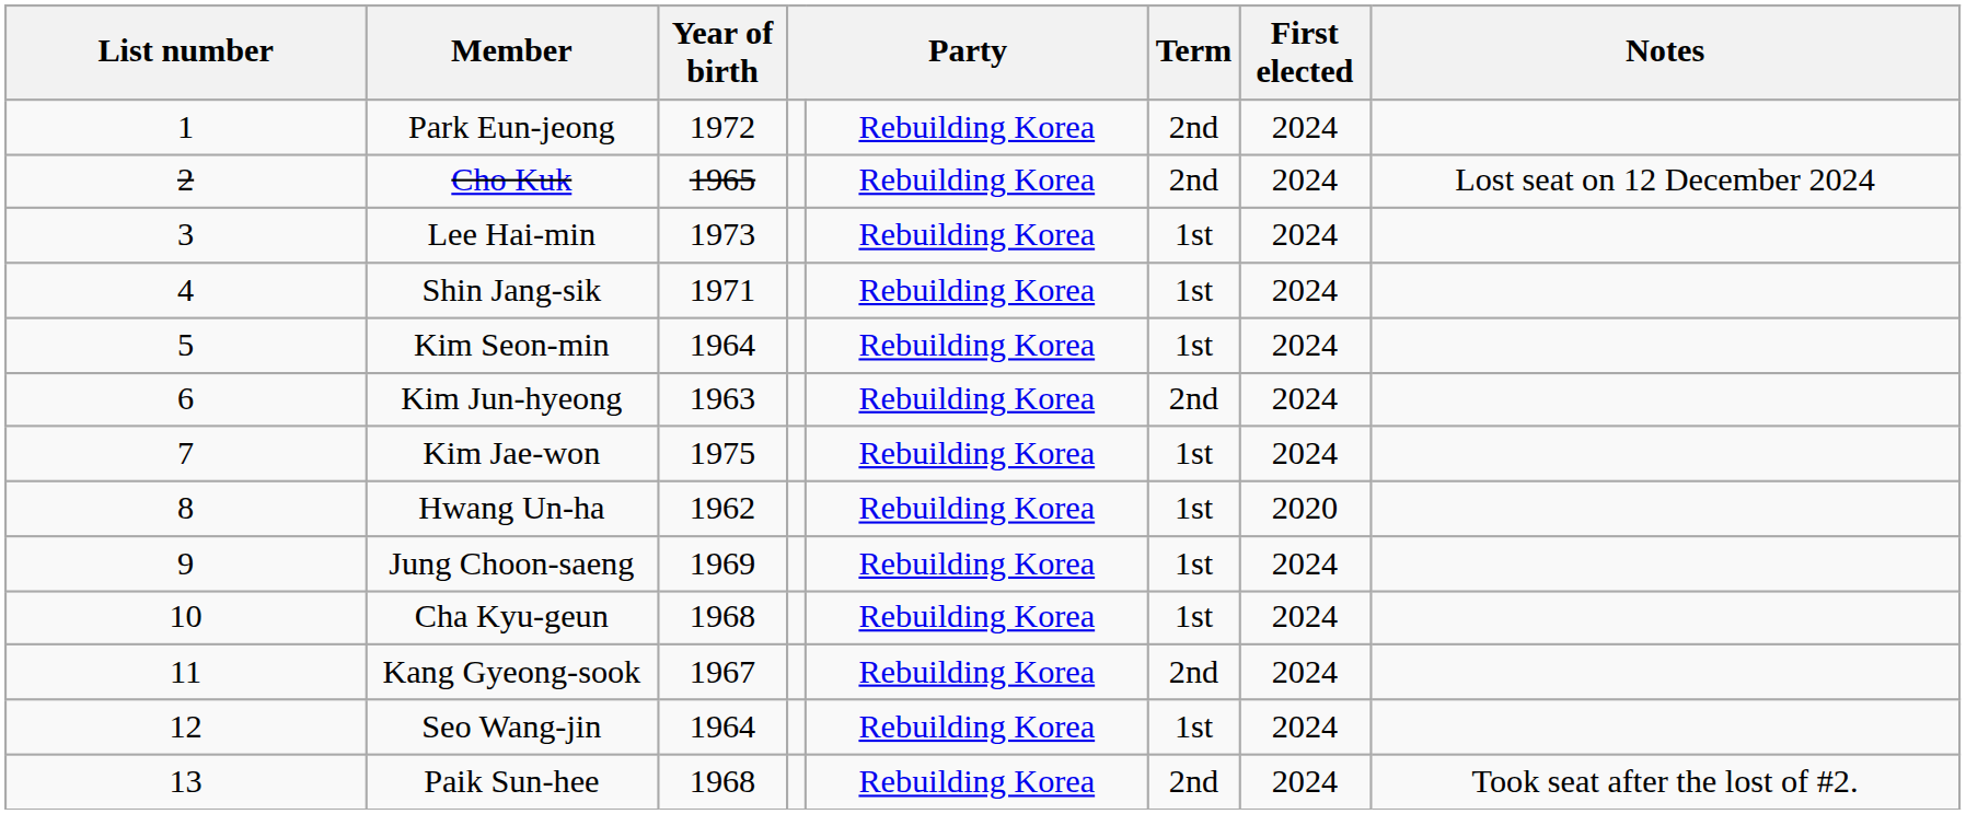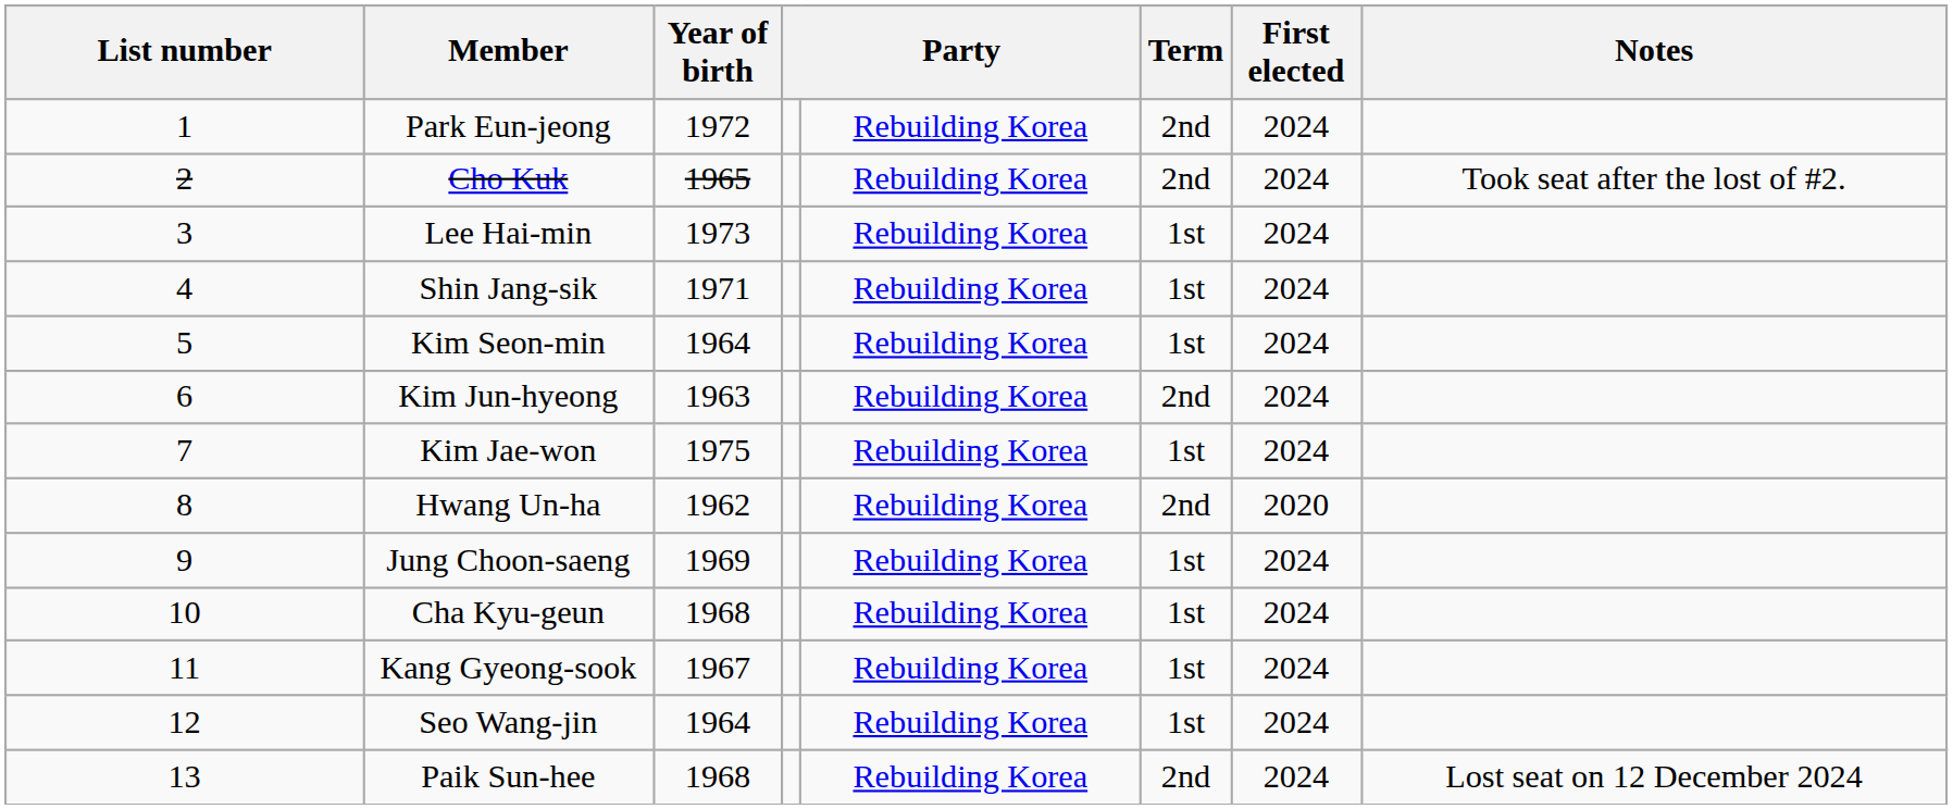 <table class="wikitable sortable" style="font-size:90%; text-align:center">
 <tr>
 <th scope="col" style="width:150px;">List number</th>
 <th scope="col" style="width:120px;">Member</th>
 <th scope="col" style="width:50px;">Year of birth</th>
 <th scope="col" style="width:150px;" colspan="2">Party</th>
 <th scope="col" style="width:20px;">Term</th>
 <th scope="col" style="width:50px;">First elected</th>
 <th scope="col" style="width:250px;" class="unsortable">Notes</th>
 </tr>
 <tr>
 <td style="width:50px;">1</td>
 <td>Park Eun-jeong</td>
 <td>1972</td>
 <td scope="row" width="1" style="background-color:"></td>
 <td><a href='#'>Rebuilding Korea</a></td>
 <td>2nd</td>
 <td>2024</td>
 <td></td>
 </tr>
 <tr>
 <td><s> 2 </s></td>
 <td><s> <a href='#'>Cho Kuk</a> </s></td>
 <td><s> 1965 </s></td>
 <td scope="row" style="background-color:"></td>
 <td><a href='#'>Rebuilding Korea</a></td>
 <td>2nd</td>
 <td>2024</td>
-<td>Lost seat on 12 December 2024</td>
+<td>Took seat after the lost of #2.</td>
 </tr>
 <tr>
 <td>3</td>
 <td>Lee Hai-min</td>
 <td>1973</td>
 <td scope="row" style="background-color:"></td>
 <td><a href='#'>Rebuilding Korea</a></td>
 <td>1st</td>
 <td>2024</td>
 <td></td>
 </tr>
 <tr>
 <td>4</td>
 <td>Shin Jang-sik</td>
 <td>1971</td>
 <td scope="row" style="background-color:"></td>
 <td><a href='#'>Rebuilding Korea</a></td>
 <td>1st</td>
 <td>2024</td>
 <td></td>
 </tr>
 <tr>
 <td>5</td>
 <td>Kim Seon-min</td>
 <td>1964</td>
 <td scope="row" style="background-color:"></td>
 <td><a href='#'>Rebuilding Korea</a></td>
 <td>1st</td>
 <td>2024</td>
 <td></td>
 </tr>
 <tr>
 <td>6</td>
 <td>Kim Jun-hyeong</td>
 <td>1963</td>
 <td scope="row" style="background-color:"></td>
 <td><a href='#'>Rebuilding Korea</a></td>
 <td>2nd</td>
 <td>2024</td>
 <td></td>
 </tr>
 <tr>
 <td>7</td>
 <td>Kim Jae-won</td>
 <td>1975</td>
 <td scope="row" style="background-color:"></td>
 <td><a href='#'>Rebuilding Korea</a></td>
 <td>1st</td>
 <td>2024</td>
 <td></td>
 </tr>
 <tr>
 <td>8</td>
 <td>Hwang Un-ha</td>
 <td>1962</td>
 <td scope="row" style="background-color:"></td>
 <td><a href='#'>Rebuilding Korea</a></td>
-<td>1st</td>
+<td>2nd</td>
 <td>2020</td>
 <td></td>
 </tr>
 <tr>
 <td>9</td>
 <td>Jung Choon-saeng</td>
 <td>1969</td>
 <td scope="row" style="background-color:"></td>
 <td><a href='#'>Rebuilding Korea</a></td>
 <td>1st</td>
 <td>2024</td>
 <td></td>
 </tr>
 <tr>
 <td>10</td>
 <td>Cha Kyu-geun</td>
 <td>1968</td>
 <td scope="row" style="background-color:"></td>
 <td><a href='#'>Rebuilding Korea</a></td>
 <td>1st</td>
 <td>2024</td>
 <td></td>
 </tr>
 <tr>
 <td>11</td>
 <td>Kang Gyeong-sook</td>
 <td>1967</td>
 <td scope="row" style="background-color:"></td>
 <td><a href='#'>Rebuilding Korea</a></td>
-<td>2nd</td>
+<td>1st</td>
 <td>2024</td>
 <td></td>
 </tr>
 <tr>
 <td>12</td>
 <td>Seo Wang-jin</td>
 <td>1964</td>
 <td scope="row" style="background-color:"></td>
 <td><a href='#'>Rebuilding Korea</a></td>
 <td>1st</td>
 <td>2024</td>
 <td></td>
 </tr>
 <tr>
 <td>13</td>
 <td>Paik Sun-hee</td>
 <td>1968</td>
 <td scope="row" style="background-color:"></td>
 <td><a href='#'>Rebuilding Korea</a></td>
 <td>2nd</td>
 <td>2024</td>
-<td>Took seat after the lost of #2.</td>
+<td>Lost seat on 12 December 2024</td>
 </tr>
 </table>
